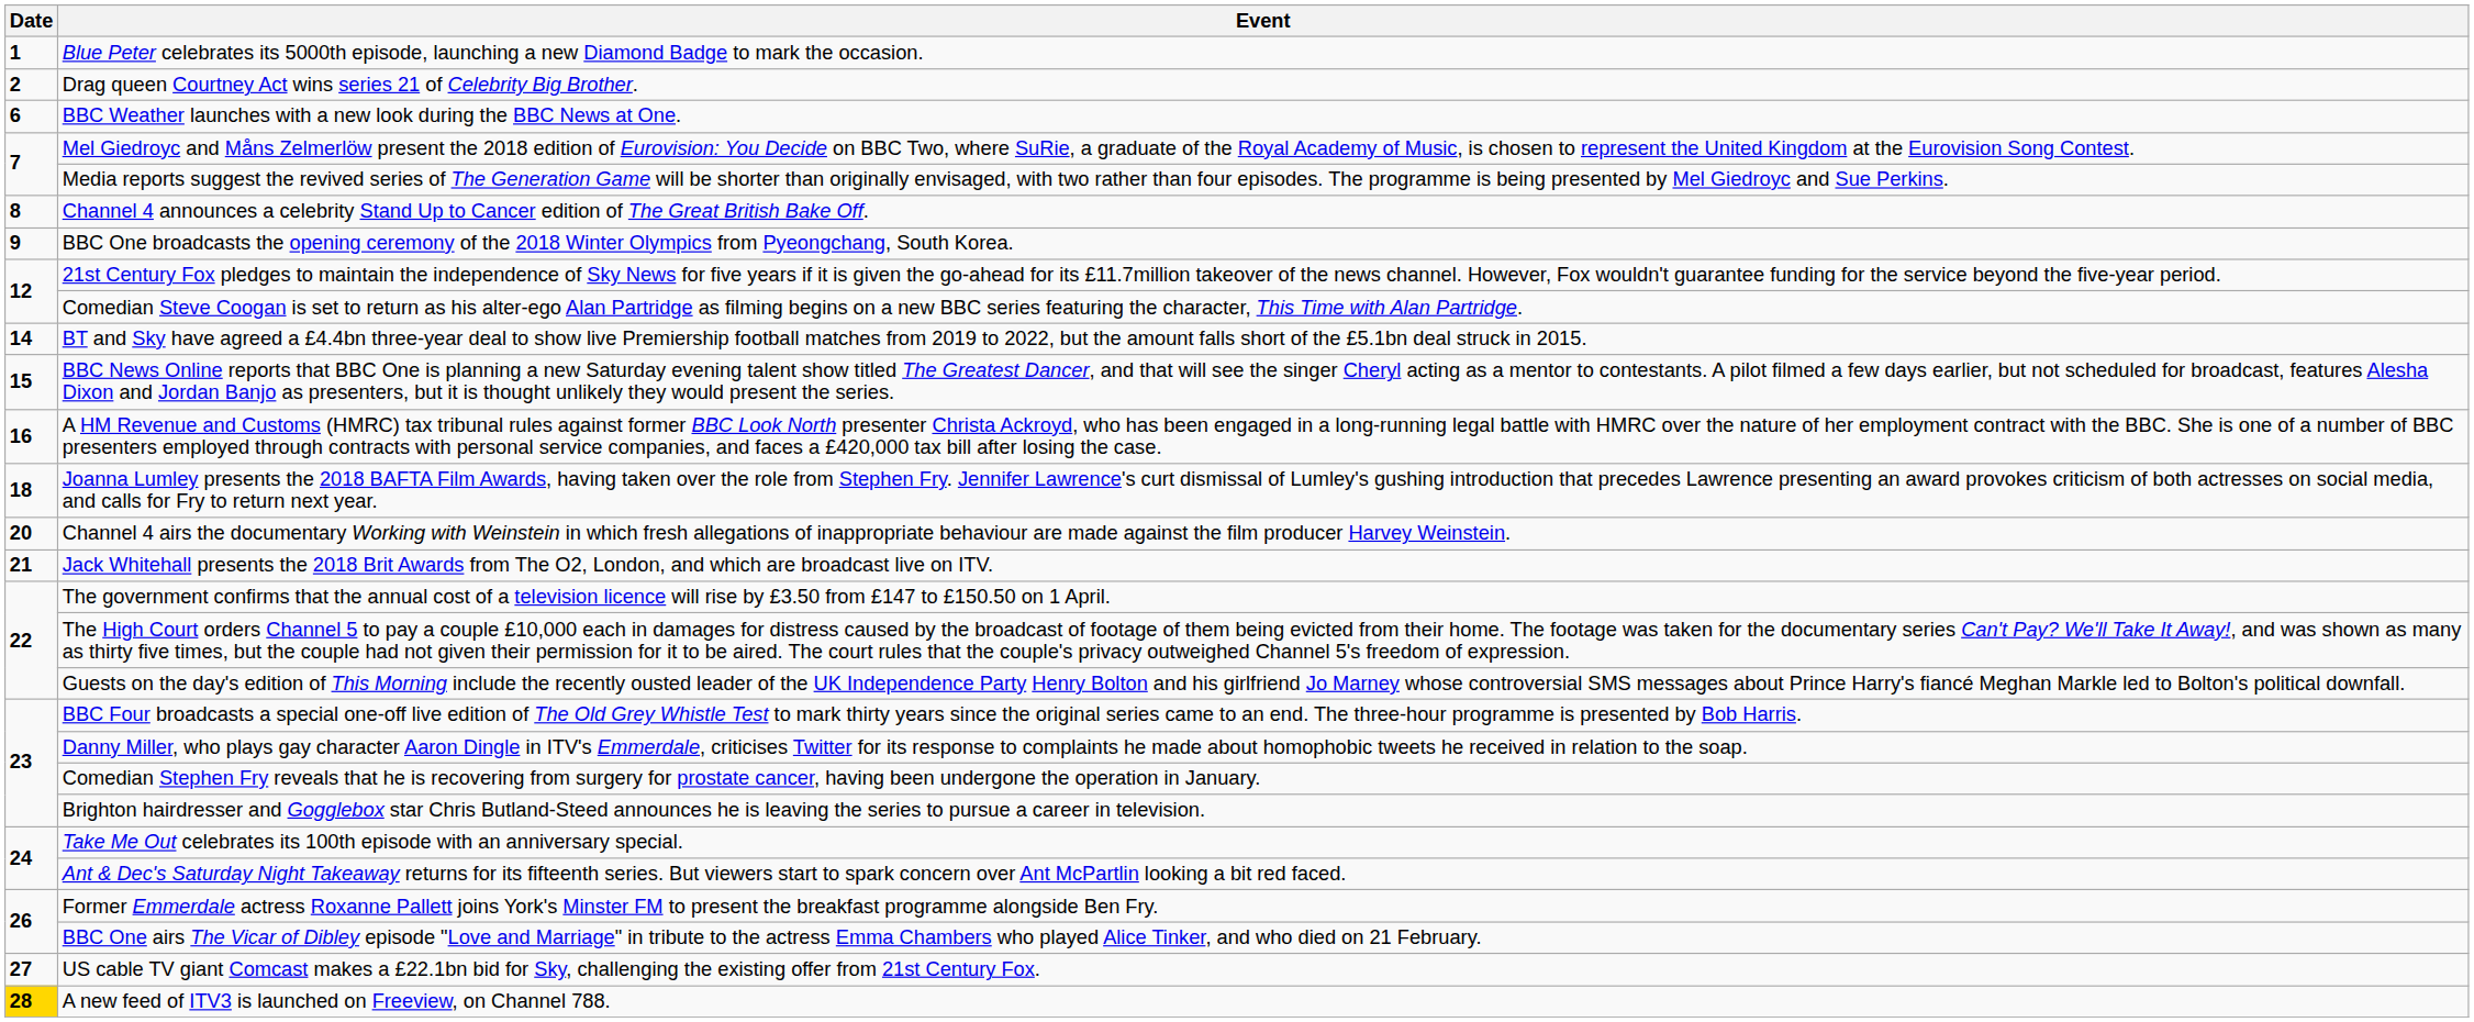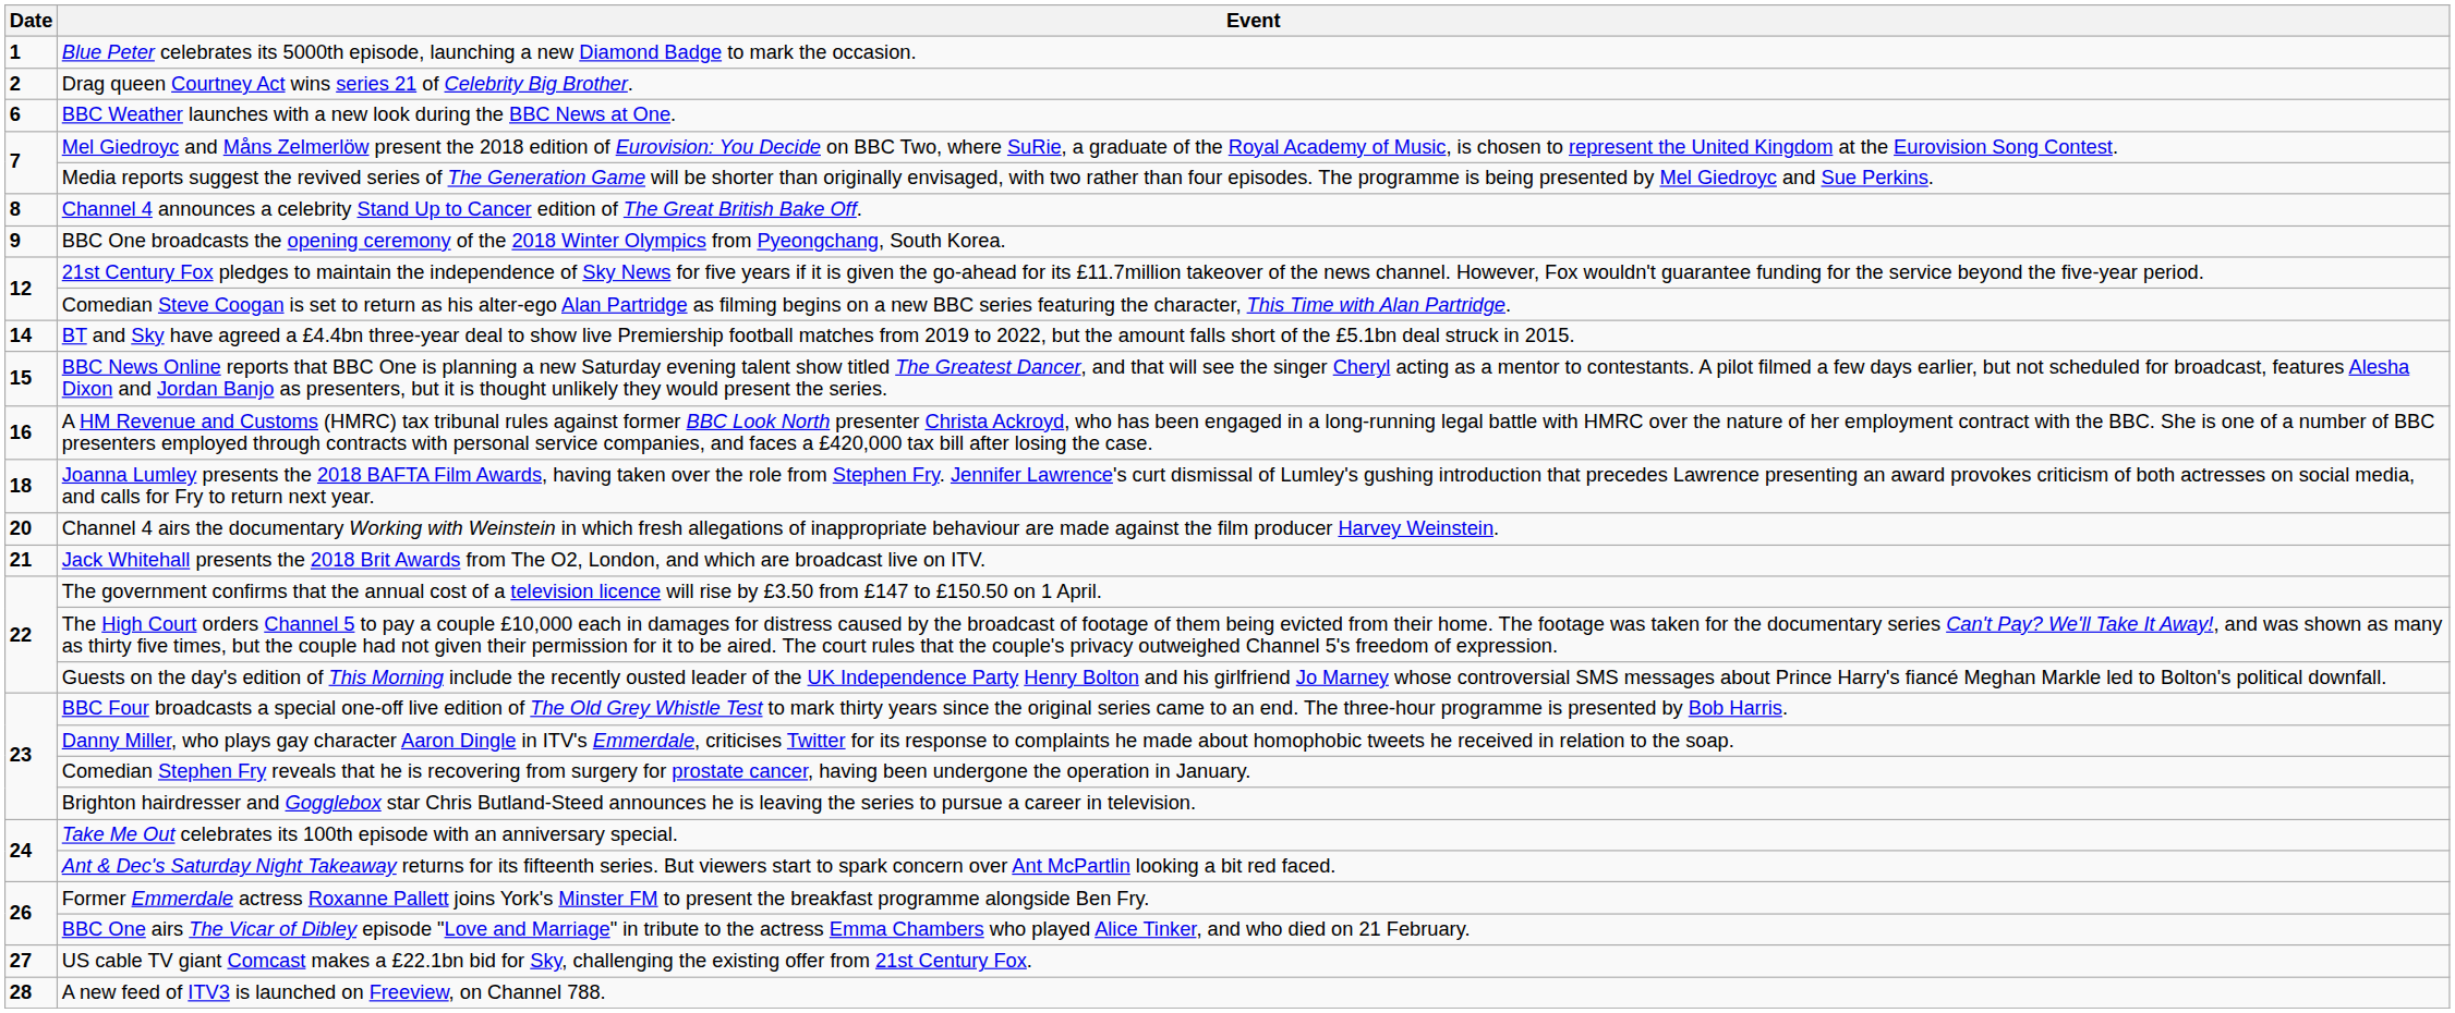 <table class="wikitable">
 <tr>
 <th>Date</th>
 <th>Event</th>
 </tr>
 <tr>
 <td><strong>1</strong></td>
 <td><em><a href='#'>Blue Peter</a></em> celebrates its 5000th episode, launching a new <a href='#'>Diamond Badge</a> to mark the occasion.</td>
 </tr>
 <tr>
 <td><strong>2</strong></td>
 <td>Drag queen <a href='#'>Courtney Act</a> wins <a href='#'>series 21</a> of <em><a href='#'>Celebrity Big Brother</a></em>.</td>
 </tr>
 <tr>
 <td><strong>6</strong></td>
 <td><a href='#'>BBC Weather</a> launches with a new look during the <a href='#'>BBC News at One</a>.</td>
 </tr>
 <tr>
 <td rowspan=2><strong>7</strong></td>
 <td><a href='#'>Mel Giedroyc</a> and <a href='#'>Måns Zelmerlöw</a> present the 2018 edition of <em><a href='#'>Eurovision: You Decide</a></em> on BBC Two, where <a href='#'>SuRie</a>, a graduate of the <a href='#'>Royal Academy of Music</a>, is chosen to <a href='#'>represent the United Kingdom</a> at the <a href='#'>Eurovision Song Contest</a>.</td>
 </tr>
 <tr>
 <td>Media reports suggest the revived series of <em><a href='#'>The Generation Game</a></em> will be shorter than originally envisaged, with two rather than four episodes. The programme is being presented by <a href='#'>Mel Giedroyc</a> and <a href='#'>Sue Perkins</a>.</td>
 </tr>
 <tr>
 <td><strong>8</strong></td>
 <td><a href='#'>Channel 4</a> announces a celebrity <a href='#'>Stand Up to Cancer</a> edition of <em><a href='#'>The Great British Bake Off</a></em>.</td>
 </tr>
 <tr>
 <td><strong>9</strong></td>
 <td>BBC One broadcasts the <a href='#'>opening ceremony</a> of the <a href='#'>2018 Winter Olympics</a> from <a href='#'>Pyeongchang</a>, South Korea.</td>
 </tr>
 <tr>
 <td rowspan=2><strong>12</strong></td>
 <td><a href='#'>21st Century Fox</a> pledges to maintain the independence of <a href='#'>Sky News</a> for five years if it is given the go-ahead for its £11.7million takeover of the news channel. However, Fox wouldn't guarantee funding for the service beyond the five-year period.</td>
 </tr>
 <tr>
 <td>Comedian <a href='#'>Steve Coogan</a> is set to return as his alter-ego <a href='#'>Alan Partridge</a> as filming begins on a new BBC series featuring the character, <em><a href='#'>This Time with Alan Partridge</a></em>.</td>
 </tr>
 <tr>
 <td><strong>14</strong></td>
 <td><a href='#'>BT</a> and <a href='#'>Sky</a> have agreed a £4.4bn three-year deal to show live Premiership football matches from 2019 to 2022, but the amount falls short of the £5.1bn deal struck in 2015.</td>
 </tr>
 <tr>
 <td><strong>15</strong></td>
 <td><a href='#'>BBC News Online</a> reports that BBC One is planning a new Saturday evening talent show titled <em><a href='#'>The Greatest Dancer</a></em>, and that will see the singer <a href='#'>Cheryl</a> acting as a mentor to contestants. A pilot filmed a few days earlier, but not scheduled for broadcast, features <a href='#'>Alesha Dixon</a> and <a href='#'>Jordan Banjo</a> as presenters, but it is thought unlikely they would present the series.</td>
 </tr>
 <tr>
 <td><strong>16</strong></td>
 <td>A <a href='#'>HM Revenue and Customs</a> (HMRC) tax tribunal rules against former <em><a href='#'>BBC Look North</a></em> presenter <a href='#'>Christa Ackroyd</a>, who has been engaged in a long-running legal battle with HMRC over the nature of her employment contract with the BBC. She is one of a number of BBC presenters employed through contracts with personal service companies, and faces a £420,000 tax bill after losing the case.</td>
 </tr>
 <tr>
 <td><strong>18</strong></td>
 <td><a href='#'>Joanna Lumley</a> presents the <a href='#'>2018 BAFTA Film Awards</a>, having taken over the role from <a href='#'>Stephen Fry</a>. <a href='#'>Jennifer Lawrence</a>'s curt dismissal of Lumley's gushing introduction that precedes Lawrence presenting an award provokes criticism of both actresses on social media, and calls for Fry to return next year.</td>
 </tr>
 <tr>
 <td><strong>20</strong></td>
 <td>Channel 4 airs the documentary <em>Working with Weinstein</em> in which fresh allegations of inappropriate behaviour are made against the film producer <a href='#'>Harvey Weinstein</a>.</td>
 </tr>
 <tr>
 <td><strong>21</strong></td>
 <td><a href='#'>Jack Whitehall</a> presents the <a href='#'>2018 Brit Awards</a> from The O2, London, and which are broadcast live on ITV.</td>
 </tr>
 <tr>
 <td rowspan=3><strong>22</strong></td>
 <td>The government confirms that the annual cost of a <a href='#'>television licence</a> will rise by £3.50 from £147 to £150.50 on 1 April.</td>
 </tr>
 <tr>
 <td>The <a href='#'>High Court</a> orders <a href='#'>Channel 5</a> to pay a couple £10,000 each in damages for distress caused by the broadcast of footage of them being evicted from their home. The footage was taken for the documentary series <em><a href='#'>Can't Pay? We'll Take It Away!</a></em>, and was shown as many as thirty five times, but the couple had not given their permission for it to be aired. The court rules that the couple's privacy outweighed Channel 5's freedom of expression.</td>
 </tr>
 <tr>
 <td>Guests on the day's edition of <em><a href='#'>This Morning</a></em> include the recently ousted leader of the <a href='#'>UK Independence Party</a> <a href='#'>Henry Bolton</a> and his girlfriend <a href='#'>Jo Marney</a> whose controversial SMS messages about Prince Harry's fiancé Meghan Markle led to Bolton's political downfall.</td>
 </tr>
 <tr>
 <td rowspan=4><strong>23</strong></td>
 <td><a href='#'>BBC Four</a> broadcasts a special one-off live edition of <em><a href='#'>The Old Grey Whistle Test</a></em> to mark thirty years since the original series came to an end. The three-hour programme is presented by <a href='#'>Bob Harris</a>.</td>
 </tr>
 <tr>
 <td><a href='#'>Danny Miller</a>, who plays gay character <a href='#'>Aaron Dingle</a> in ITV's <em><a href='#'>Emmerdale</a></em>, criticises <a href='#'>Twitter</a> for its response to complaints he made about homophobic tweets he received in relation to the soap.</td>
 </tr>
 <tr>
 <td>Comedian <a href='#'>Stephen Fry</a> reveals that he is recovering from surgery for <a href='#'>prostate cancer</a>, having been undergone the operation in January.</td>
 </tr>
 <tr>
 <td>Brighton hairdresser and <em><a href='#'>Gogglebox</a></em> star Chris Butland-Steed announces he is leaving the series to pursue a career in television.</td>
 </tr>
 <tr>
 <td rowspan="2"><strong>24</strong></td>
 <td><em><a href='#'>Take Me Out</a></em> celebrates its 100th episode with an anniversary special.</td>
 </tr>
 <tr>
 <td><em><a href='#'>Ant & Dec's Saturday Night Takeaway</a></em> returns for its fifteenth series. But viewers start to spark concern over <a href='#'>Ant McPartlin</a> looking a bit red faced.</td>
 </tr>
 <tr>
 <td rowspan=2><strong>26</strong></td>
 <td>Former <em><a href='#'>Emmerdale</a></em> actress <a href='#'>Roxanne Pallett</a> joins York's <a href='#'>Minster FM</a> to present the breakfast programme alongside Ben Fry.</td>
 </tr>
 <tr>
 <td><a href='#'>BBC One</a> airs <em><a href='#'>The Vicar of Dibley</a></em> episode "<a href='#'>Love and Marriage</a>" in tribute to the actress <a href='#'>Emma Chambers</a> who played <a href='#'>Alice Tinker</a>, and who died on 21 February.</td>
 </tr>
 <tr>
 <td><strong>27</strong></td>
 <td>US cable TV giant <a href='#'>Comcast</a> makes a £22.1bn bid for <a href='#'>Sky</a>, challenging the existing offer from <a href='#'>21st Century Fox</a>.</td>
 </tr>
 <tr>
-<td style="background: gold;"><strong>28</strong></td>
+<td><strong>28</strong></td>
 <td>A new feed of <a href='#'>ITV3</a> is launched on <a href='#'>Freeview</a>, on Channel 788.</td>
 </tr>
 </table>
